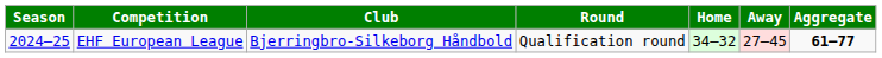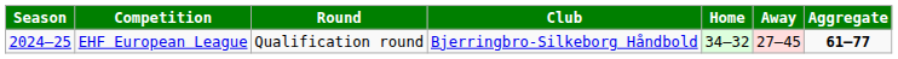 <table class="wikitable" style="text-align: left">
 <tr>
 <th style="color:white; background:#007F00">Season</th>
 <th style="color:white; background:#007F00">Competition</th>
+<th style="color:white; background:#007F00">Round</th>
 <th style="color:white; background:#007F00">Club</th>
-<th style="color:white; background:#007F00">Round</th>
 <th style="color:white; background:#007F00">Home</th>
 <th style="color:white; background:#007F00">Away</th>
 <th style="color:white; background:#007F00">Aggregate</th>
 </tr>
 <tr>
 <td><a href='#'>2024–25</a></td>
 <td><a href='#'>EHF European League</a></td>
+<td>Qualification round</td>
 <td> <a href='#'>Bjerringbro-Silkeborg Håndbold</a></td>
-<td>Qualification round</td>
 <td style="text-align:center; background:#dfd;">34–32</td>
 <td style="text-align:center; background:#fdd;">27–45</td>
 <td style="text-align:center;"><strong>61–77</strong></td>
 </tr>
 </table>
